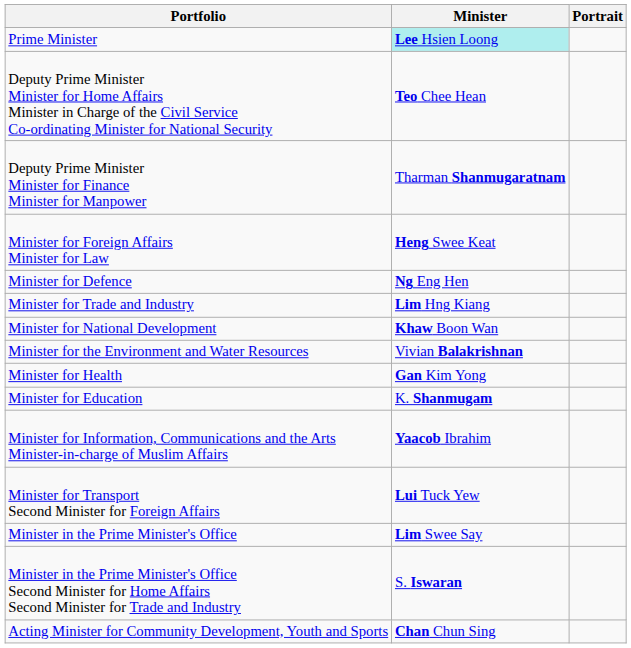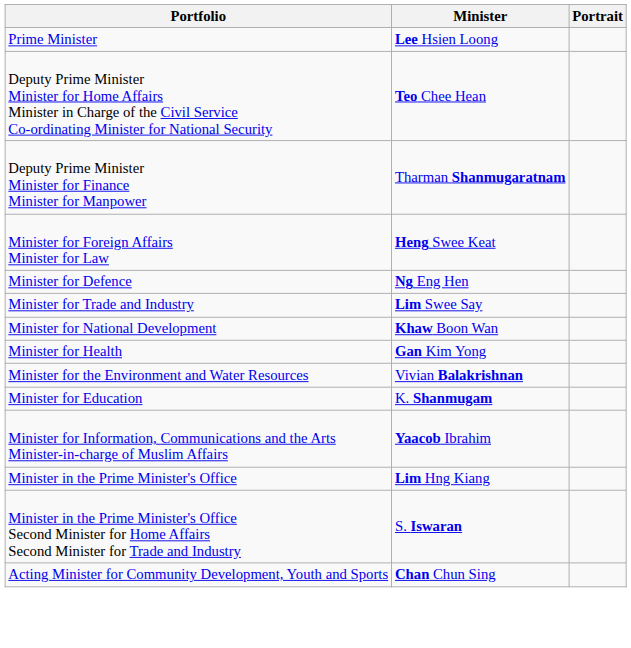 <table class="wikitable" style="margin: 1em auto 1em auto">
 <tr>
 <th>Portfolio</th>
 <th>Minister</th>
 <th>Portrait</th>
 </tr>
 <tr>
 <td><a href='#'>Prime Minister</a></td>
-<td style="background: paleturquoise;"><a href='#'><strong>Lee</strong> Hsien Loong</a></td>
+<td><a href='#'><strong>Lee</strong> Hsien Loong</a></td>
 <td></td>
 </tr>
 <tr>
 <td><br>Deputy Prime Minister<br> <a href='#'>Minister for Home Affairs</a><br> Minister in Charge of the <a href='#'>Civil Service</a><br> <a href='#'>Co-ordinating Minister for National Security</a></td>
 <td><a href='#'><strong>Teo</strong> Chee Hean</a></td>
 <td></td>
 </tr>
 <tr>
 <td><br>Deputy Prime Minister<br> <a href='#'>Minister for Finance</a><br> <a href='#'>Minister for Manpower</a></td>
 <td><a href='#'>Tharman <strong>Shanmugaratnam</strong></a></td>
 <td></td>
 </tr>
 <tr>
 <td><br><a href='#'>Minister for Foreign Affairs</a><br> <a href='#'>Minister for Law</a></td>
 <td><a href='#'><strong>Heng</strong> Swee Keat</a></td>
 <td></td>
 </tr>
 <tr>
 <td><a href='#'>Minister for Defence</a></td>
 <td><a href='#'><strong>Ng</strong> Eng Hen</a></td>
 <td></td>
 </tr>
 <tr>
 <td><a href='#'>Minister for Trade and Industry</a></td>
-<td><a href='#'><strong>Lim</strong> Hng Kiang</a></td>
+<td><a href='#'><strong>Lim</strong> Swee Say</a></td>
 <td></td>
 </tr>
 <tr>
 <td><a href='#'>Minister for National Development</a></td>
 <td><a href='#'><strong>Khaw</strong> Boon Wan</a></td>
 <td></td>
 </tr>
 <tr>
-<td><a href='#'>Minister for the Environment and Water Resources</a></td>
-<td><a href='#'>Vivian <strong>Balakrishnan</strong></a></td>
+<td><a href='#'>Minister for Health</a></td>
+<td><a href='#'><strong>Gan</strong> Kim Yong</a></td>
 <td></td>
 </tr>
 <tr>
-<td><a href='#'>Minister for Health</a></td>
-<td><a href='#'><strong>Gan</strong> Kim Yong</a></td>
+<td><a href='#'>Minister for the Environment and Water Resources</a></td>
+<td><a href='#'>Vivian <strong>Balakrishnan</strong></a></td>
 <td></td>
 </tr>
 <tr>
 <td><a href='#'>Minister for Education</a></td>
 <td><a href='#'>K. <strong>Shanmugam</strong></a></td>
 <td></td>
 </tr>
 <tr>
 <td><br><a href='#'>Minister for Information, Communications and the Arts</a><br> <a href='#'>Minister-in-charge of Muslim Affairs</a></td>
 <td><a href='#'><strong>Yaacob</strong> Ibrahim</a></td>
 <td></td>
 </tr>
 <tr>
-<td><br><a href='#'>Minister for Transport</a><br> Second Minister for <a href='#'>Foreign Affairs</a></td>
-<td><a href='#'><strong>Lui</strong> Tuck Yew</a></td>
-<td></td>
-</tr>
-<tr>
 <td><a href='#'>Minister in the Prime Minister's Office</a></td>
-<td><a href='#'><strong>Lim</strong> Swee Say</a></td>
+<td><a href='#'><strong>Lim</strong> Hng Kiang</a></td>
 <td></td>
 </tr>
 <tr>
 <td><br><a href='#'>Minister in the Prime Minister's Office</a><br> Second Minister for <a href='#'>Home Affairs</a><br> Second Minister for <a href='#'>Trade and Industry</a></td>
 <td><a href='#'>S. <strong>Iswaran</strong></a></td>
 <td></td>
 </tr>
 <tr>
 <td><a href='#'>Acting Minister for Community Development, Youth and Sports</a></td>
 <td><a href='#'><strong>Chan</strong> Chun Sing</a></td>
 <td></td>
 </tr>
 </table>
